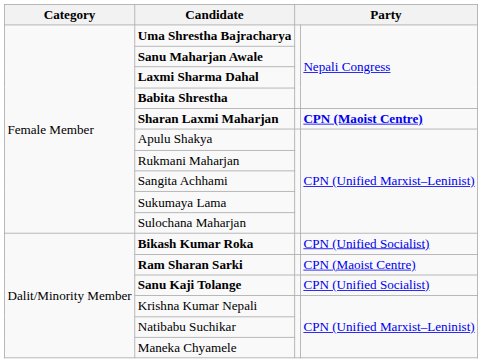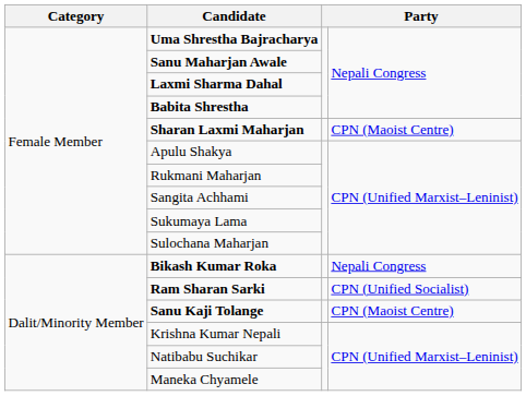 <table class="wikitable">
 <tr>
 <th>Category</th>
 <th>Candidate</th>
 <th colspan="2">Party</th>
 </tr>
 <tr>
 <td rowspan="10">Female Member</td>
 <td><strong>Uma Shrestha Bajracharya</strong></td>
 <td rowspan="4" style="background-color:"><br></td>
 <td rowspan="4"><a href='#'>Nepali Congress</a></td>
 </tr>
 <tr>
 <td><strong>Sanu Maharjan Awale</strong></td>
 </tr>
 <tr>
 <td><strong>Laxmi Sharma Dahal</strong></td>
 </tr>
 <tr>
 <td><strong>Babita Shrestha</strong></td>
 </tr>
 <tr>
 <td><strong>Sharan Laxmi Maharjan</strong></td>
 <td style="background-color:"><br></td>
-<td><strong><a href='#'>CPN (Maoist Centre)</a></strong></td>
+<td><a href='#'>CPN (Maoist Centre)</a></td>
 </tr>
 <tr>
 <td>Apulu Shakya</td>
 <td rowspan="5" style="background-color:"><br></td>
 <td rowspan="5"><a href='#'>CPN (Unified Marxist–Leninist)</a></td>
 </tr>
 <tr>
 <td>Rukmani Maharjan</td>
 </tr>
 <tr>
 <td>Sangita Achhami</td>
 </tr>
 <tr>
 <td>Sukumaya Lama</td>
 </tr>
 <tr>
 <td>Sulochana Maharjan</td>
 </tr>
 <tr>
 <td rowspan="6">Dalit/Minority Member</td>
 <td><strong>Bikash Kumar Roka</strong></td>
 <td style="background-color:"><br></td>
-<td><a href='#'>CPN (Unified Socialist)</a></td>
+<td><a href='#'>Nepali Congress</a></td>
 </tr>
 <tr>
 <td><strong>Ram Sharan Sarki</strong></td>
 <td style="background-color:"><br></td>
-<td><a href='#'>CPN (Maoist Centre)</a></td>
+<td><a href='#'>CPN (Unified Socialist)</a></td>
 </tr>
 <tr>
 <td><strong>Sanu Kaji Tolange</strong></td>
 <td style="background-color:"><br></td>
-<td><a href='#'>CPN (Unified Socialist)</a></td>
+<td><a href='#'>CPN (Maoist Centre)</a></td>
 </tr>
 <tr>
 <td>Krishna Kumar Nepali</td>
 <td rowspan="3" style="background-color:"><br></td>
 <td rowspan="3"><a href='#'>CPN (Unified Marxist–Leninist)</a></td>
 </tr>
 <tr>
 <td>Natibabu Suchikar</td>
 </tr>
 <tr>
 <td>Maneka Chyamele</td>
 </tr>
 </table>
